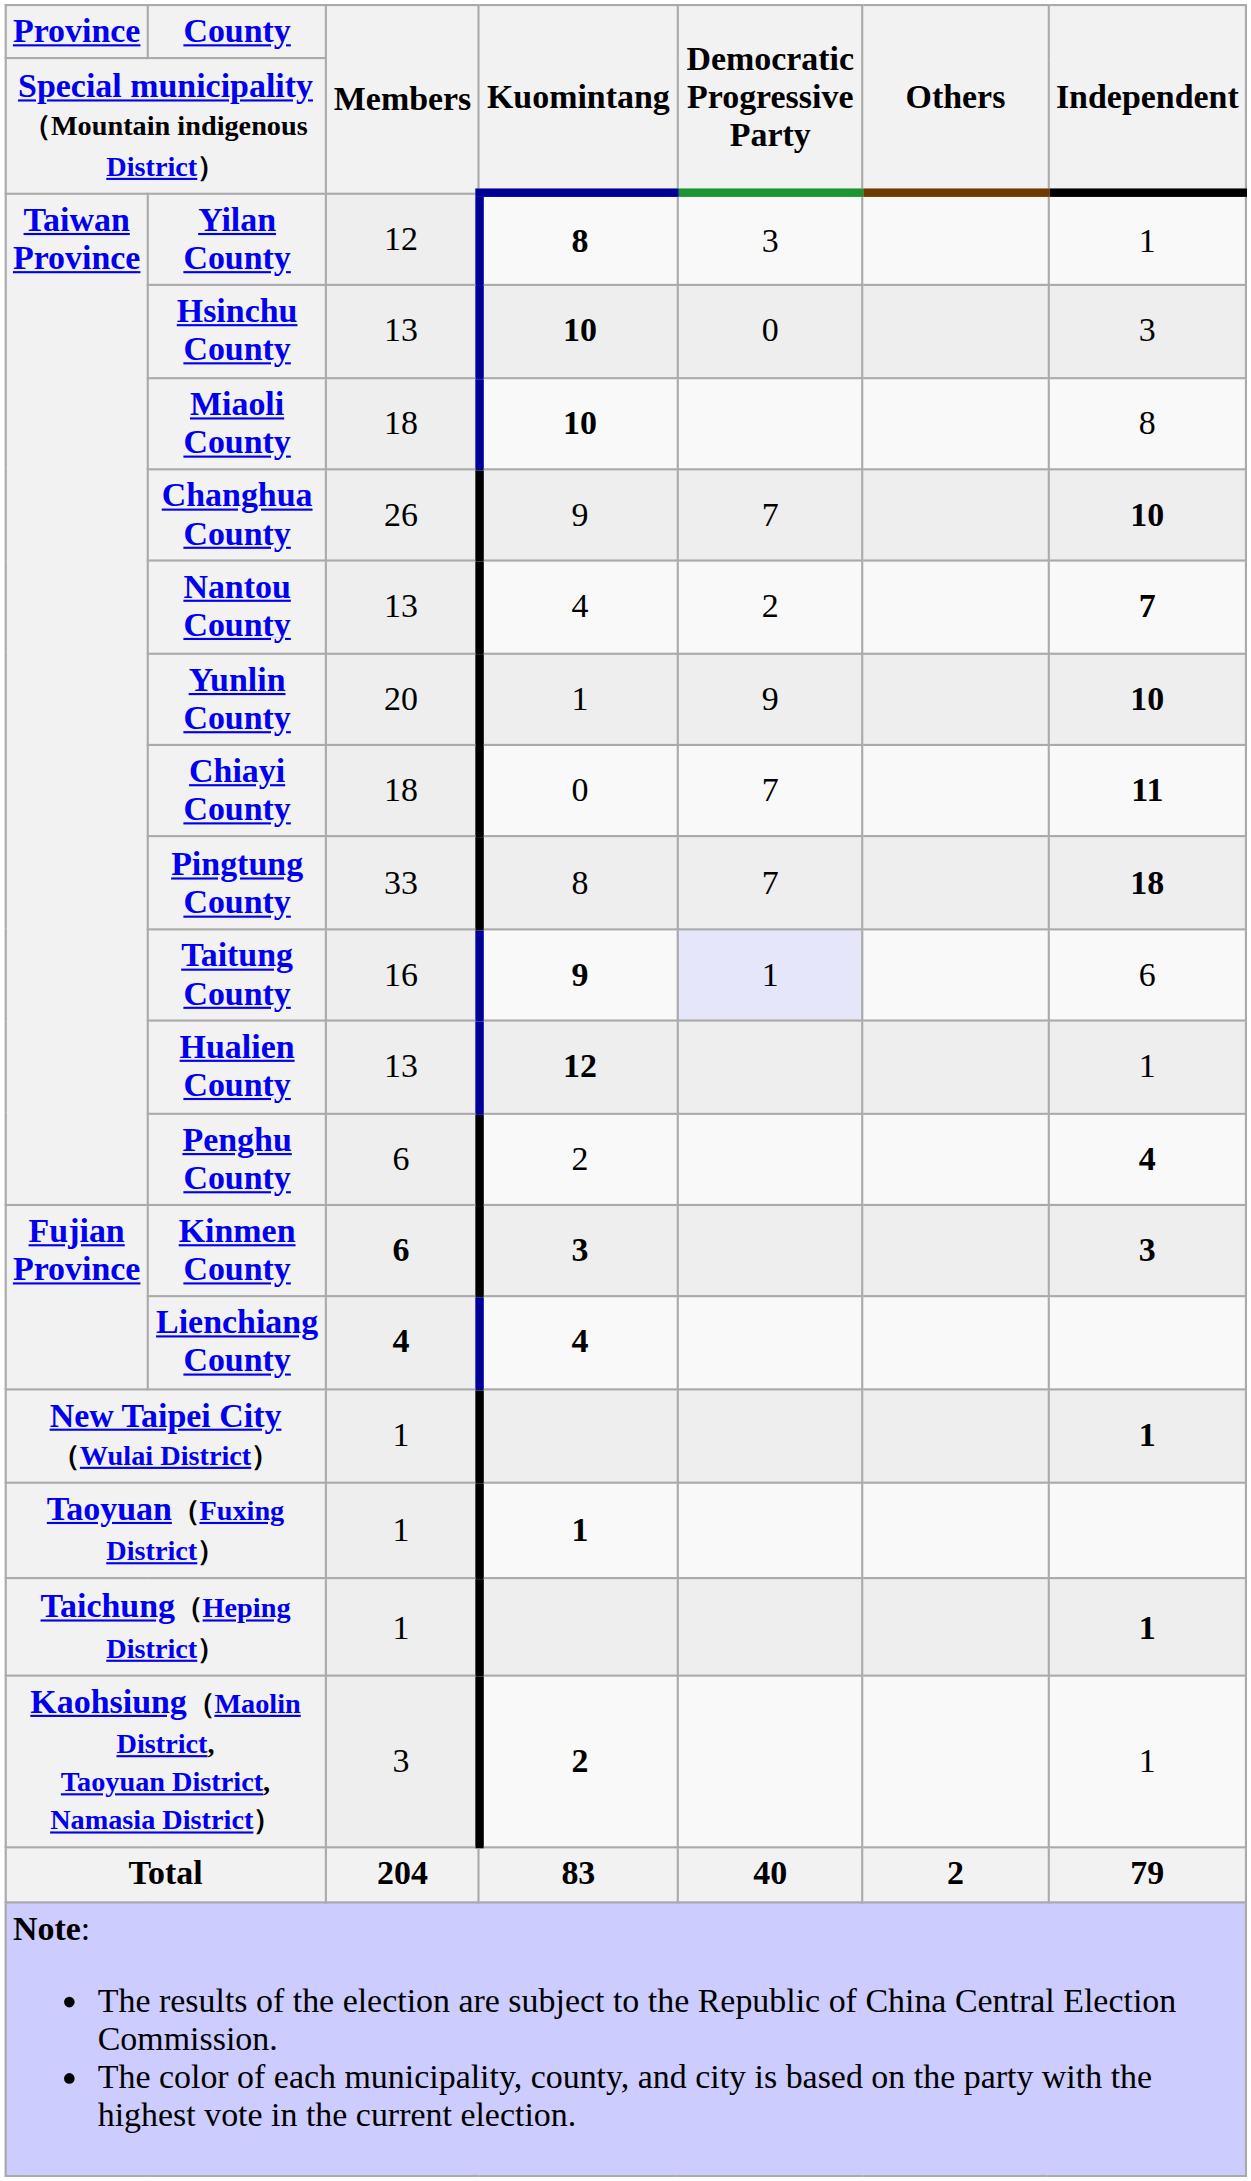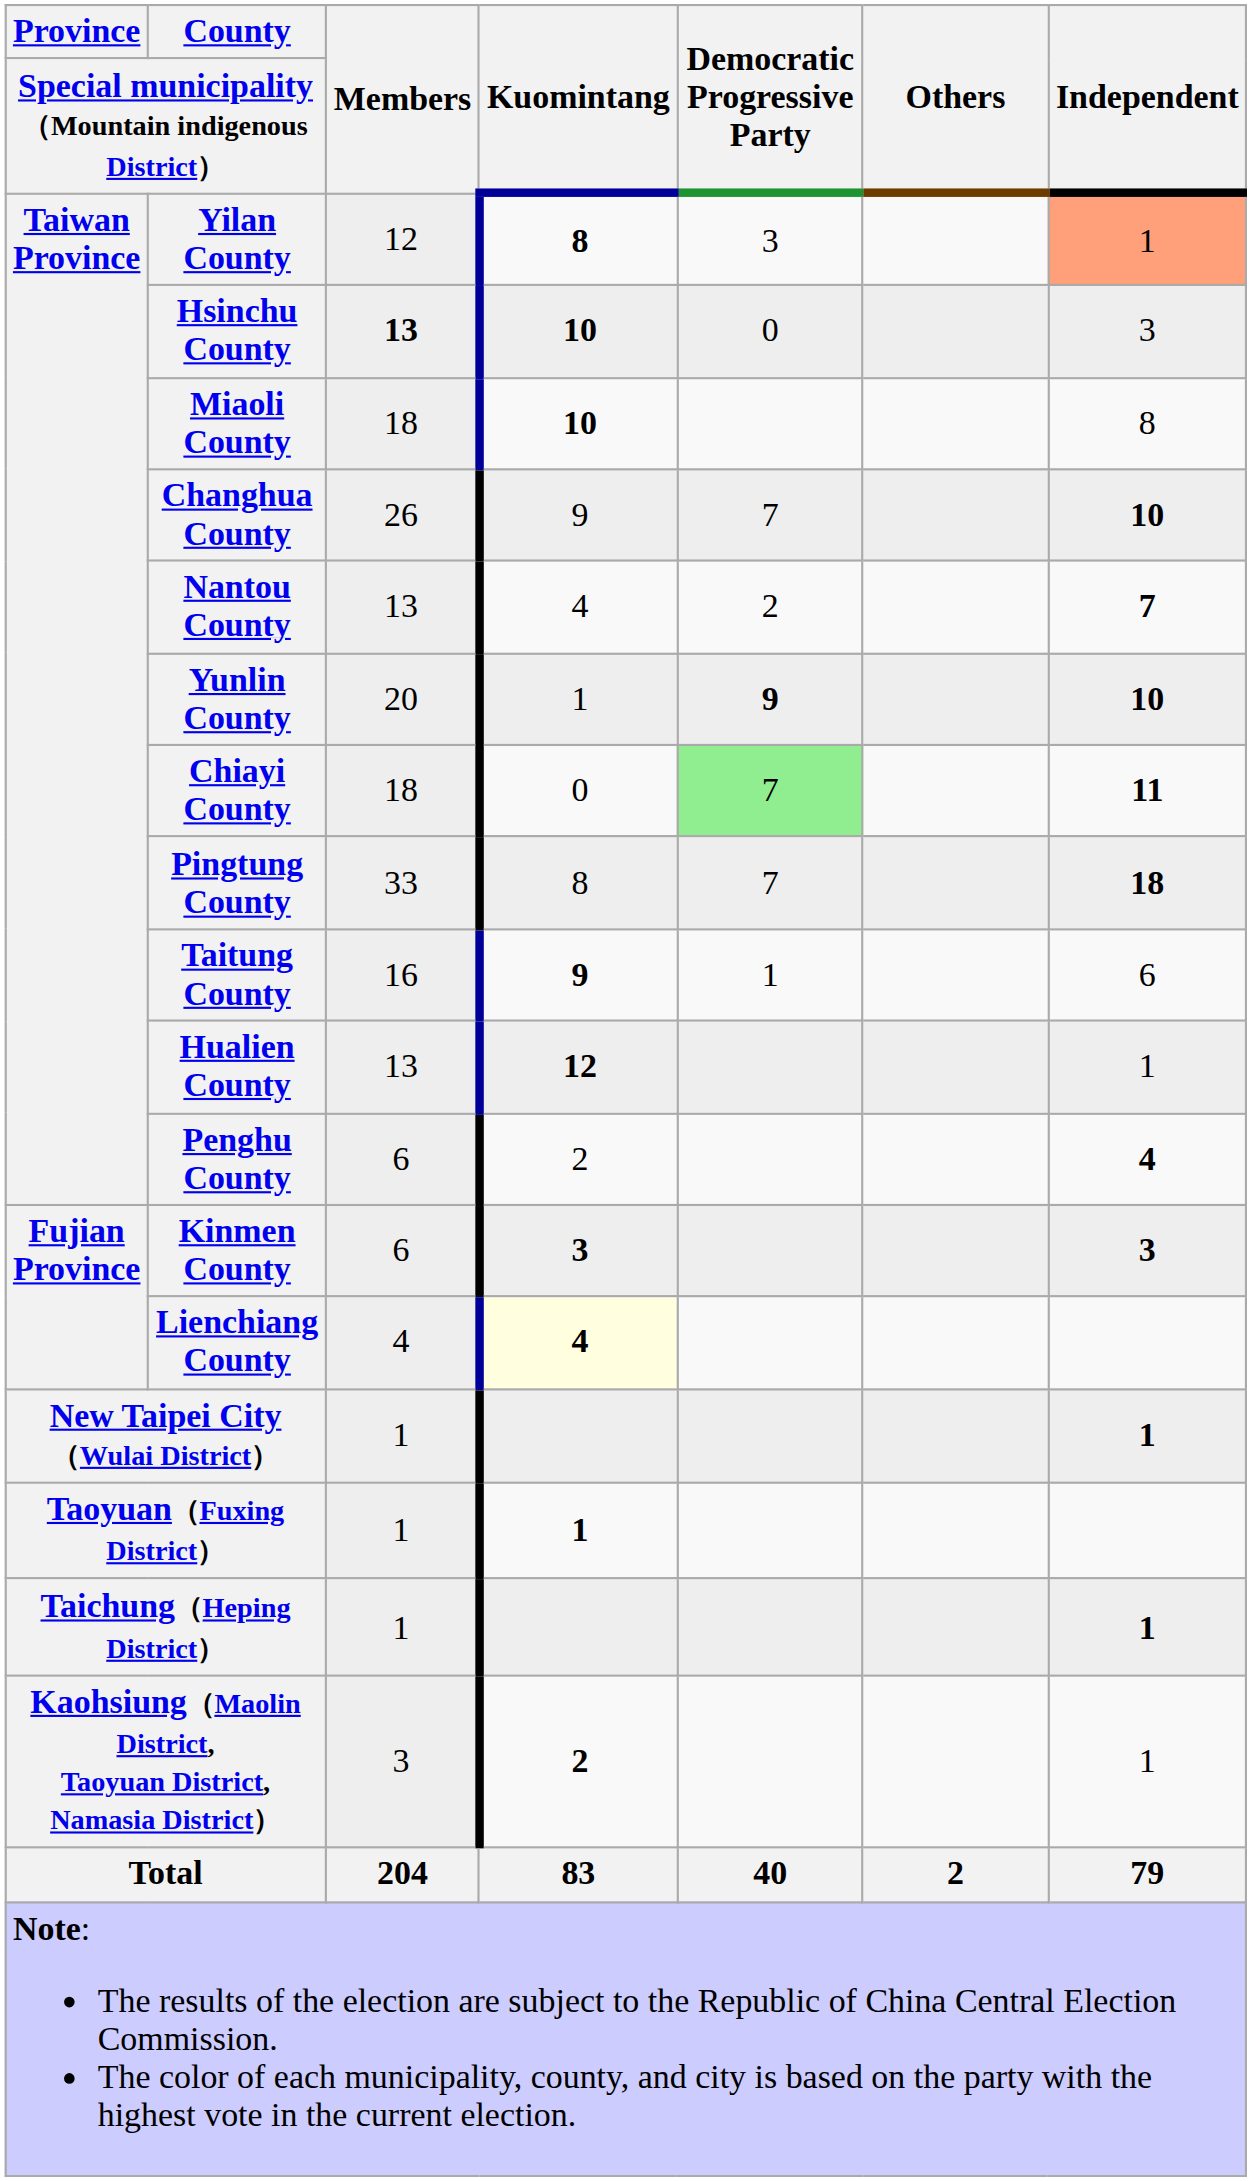 <table class="wikitable collapsible" style="text-align:center; margin:auto">
 <tr>
 <th style="width:60px;"><a href='#'>Province</a></th>
 <th style="width:60px;"><a href='#'>County</a></th>
 <th rowspan=2 style="width:50px;">Members</th>
 <th rowspan=2 style="width:80px; border-bottom:4px solid #000099;">Kuomintang</th>
 <th rowspan=2 style="width:80px; border-bottom:4px solid #1B9431;">Democratic Progressive Party</th>
 <th rowspan=2 style="width:80px; border-bottom:4px solid #6d3b00;">Others</th>
 <th rowspan=2 style="width:80px; border-bottom:4px solid #000000;">Independent</th>
 </tr>
 <tr>
 <th colspan=2><a href='#'>Special municipality</a><br><small>（Mountain indigenous <a href='#'>District</a>）</small></th>
 </tr>
 <tr>
 <th rowspan=11 valign=top><a href='#'>Taiwan Province</a></th>
 <th><a href='#'>Yilan County</a></th>
 <td bgcolor=#EEEEEE style="border-right:4px solid #000099;">12</td>
 <td><strong>8 </strong></td>
 <td>3</td>
 <td></td>
-<td>1</td>
+<td style="background: lightsalmon;">1</td>
 </tr>
 <tr bgcolor="#EEEEEE">
 <th><a href='#'>Hsinchu County</a></th>
-<td bgcolor=#EEEEEE style="border-right:4px solid #000099;">13</td>
+<td bgcolor=#EEEEEE style="border-right:4px solid #000099;"><strong>13</strong></td>
 <td><strong>10 </strong></td>
 <td>0</td>
 <td></td>
 <td>3</td>
 </tr>
 <tr>
 <th><a href='#'>Miaoli County</a></th>
 <td bgcolor=#EEEEEE style="border-right:4px solid #000099;">18</td>
 <td><strong>10 </strong></td>
 <td></td>
 <td></td>
 <td>8</td>
 </tr>
 <tr bgcolor="#EEEEEE">
 <th><a href='#'>Changhua County</a></th>
 <td bgcolor=#EEEEEE style="border-right:4px solid #000000;">26</td>
 <td>9</td>
 <td>7</td>
 <td></td>
 <td><strong>10</strong></td>
 </tr>
 <tr>
 <th><a href='#'>Nantou County</a></th>
 <td bgcolor=#EEEEEE style="border-right:4px solid #000000;">13</td>
 <td>4</td>
 <td>2</td>
 <td></td>
 <td><strong>7</strong></td>
 </tr>
 <tr bgcolor="#EEEEEE">
 <th><a href='#'>Yunlin County</a></th>
 <td bgcolor=#EEEEEE style="border-right:4px solid #000000;">20</td>
 <td>1</td>
-<td>9</td>
+<td><strong>9</strong></td>
 <td></td>
 <td><strong>10</strong></td>
 </tr>
 <tr>
 <th><a href='#'>Chiayi County</a></th>
 <td bgcolor=#EEEEEE style="border-right:4px solid #000000;">18</td>
 <td>0</td>
-<td>7</td>
+<td style="background: lightgreen;">7</td>
 <td></td>
 <td><strong>11 </strong></td>
 </tr>
 <tr bgcolor="#EEEEEE">
 <th><a href='#'>Pingtung County</a></th>
 <td bgcolor=#EEEEEE style="border-right:4px solid #000000;">33</td>
 <td>8</td>
 <td>7</td>
 <td></td>
 <td><strong>18</strong></td>
 </tr>
 <tr>
 <th><a href='#'>Taitung County</a></th>
 <td bgcolor=#EEEEEE style="border-right:4px solid #000099;">16</td>
 <td><strong>9 </strong></td>
-<td style="background: lavender;">1</td>
+<td>1</td>
 <td></td>
 <td>6</td>
 </tr>
 <tr bgcolor="#EEEEEE">
 <th><a href='#'>Hualien County</a></th>
 <td bgcolor=#EEEEEE style="border-right:4px solid #000099;">13</td>
 <td><strong>12 </strong></td>
 <td></td>
 <td></td>
 <td>1</td>
 </tr>
 <tr>
 <th><a href='#'>Penghu County</a></th>
 <td bgcolor=#EEEEEE style="border-right:4px solid #000000;">6</td>
 <td>2</td>
 <td></td>
 <td></td>
 <td><strong>4 </strong></td>
 </tr>
 <tr bgcolor="#EEEEEE">
 <th rowspan=2 valign=top><a href='#'>Fujian Province</a></th>
 <th><a href='#'>Kinmen County</a></th>
-<td bgcolor=#EEEEEE style="border-right:4px solid #000000;"><strong>6</strong></td>
+<td bgcolor=#EEEEEE style="border-right:4px solid #000000;">6</td>
 <td><strong>3 </strong></td>
 <td></td>
 <td></td>
 <td><strong>3</strong></td>
 </tr>
 <tr>
 <th><a href='#'>Lienchiang County</a></th>
-<td bgcolor=#EEEEEE style="border-right:4px solid #000099;"><strong>4</strong></td>
-<td><strong>4 </strong></td>
+<td bgcolor=#EEEEEE style="border-right:4px solid #000099;">4</td>
+<td style="background: lightyellow;"><strong>4 </strong></td>
 <td></td>
 <td></td>
 <td></td>
 </tr>
 <tr bgcolor="#EEEEEE">
 <th colspan=2><a href='#'>New Taipei City</a><small>（<a href='#'>Wulai District</a>）</small></th>
 <td bgcolor=#EEEEEE style="border-right:4px solid #000000;">1</td>
 <td></td>
 <td></td>
 <td></td>
 <td><strong>1</strong></td>
 </tr>
 <tr>
 <th colspan=2><a href='#'>Taoyuan</a><small>（<a href='#'>Fuxing District</a>）</small></th>
 <td bgcolor=#EEEEEE style="border-right:4px solid #000000;">1</td>
 <td><strong>1 </strong></td>
 <td></td>
 <td></td>
 <td></td>
 </tr>
 <tr bgcolor="#EEEEEE">
 <th colspan=2><a href='#'>Taichung</a><small>（<a href='#'>Heping District</a>）</small></th>
 <td bgcolor=#EEEEEE style="border-right:4px solid #000000;">1</td>
 <td></td>
 <td></td>
 <td></td>
 <td><strong>1</strong></td>
 </tr>
 <tr>
 <th colspan=2><a href='#'>Kaohsiung</a><small>（<a href='#'>Maolin District</a>,<br><a href='#'>Taoyuan District</a>, <a href='#'>Namasia District</a>）</small></th>
 <td bgcolor=#EEEEEE style="border-right:4px solid #000000;">3</td>
 <td><strong>2 </strong></td>
 <td></td>
 <td></td>
 <td>1</td>
 </tr>
 <tr>
 <th colspan=2>Total</th>
 <th>204</th>
 <th>83</th>
 <th>40</th>
 <th>2</th>
 <th>79</th>
 </tr>
 <tr>
 <td colspan=9 bgcolor=#CCCCFF align=left><strong>Note</strong>:<br><ul><li>The results of the election are subject to the Republic of China Central Election Commission.</li><li>The color of each municipality, county, and city is based on the party with the highest vote in the current election.</li></ul></td>
 </tr>
 </table>
